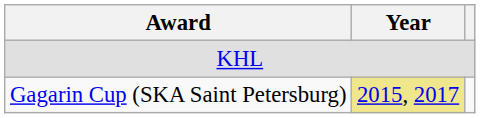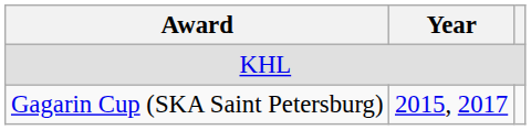 <table class="wikitable">
 <tr>
 <th>Award</th>
 <th>Year</th>
 <th></th>
 </tr>
 <tr ALIGN="center" bgcolor="#e0e0e0">
 <td colspan="3"><a href='#'>KHL</a></td>
 </tr>
 <tr>
 <td><a href='#'>Gagarin Cup</a> (SKA Saint Petersburg)</td>
-<td style="background: khaki;"><a href='#'>2015</a>, <a href='#'>2017</a></td>
+<td><a href='#'>2015</a>, <a href='#'>2017</a></td>
 <td></td>
 </tr>
 </table>
